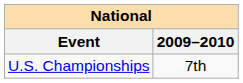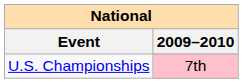 <table class="wikitable" style="text-align:center">
 <tr>
 <th style="background-color: #ffdead; " colspan=2 align=center>National</th>
 </tr>
 <tr>
 <th>Event</th>
 <th>2009–2010</th>
 </tr>
 <tr>
 <td align=left><a href='#'>U.S. Championships</a></td>
-<td>7th</td>
+<td style="background: pink;">7th</td>
 </tr>
 </table>
